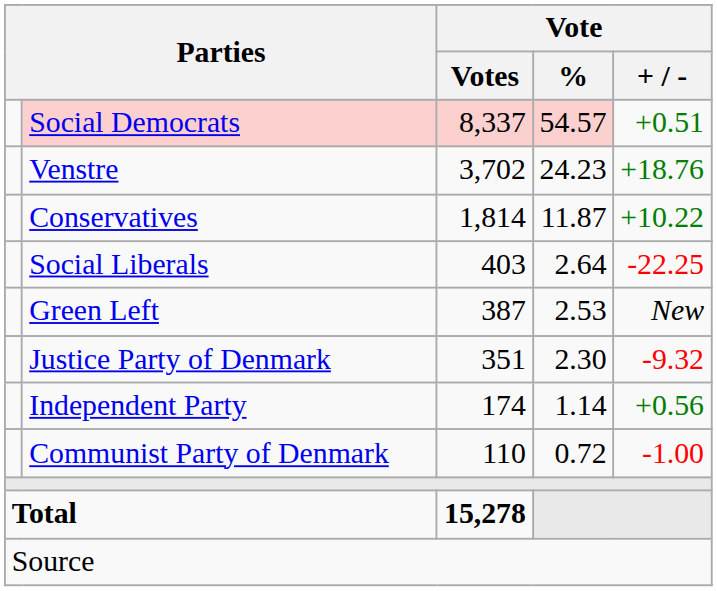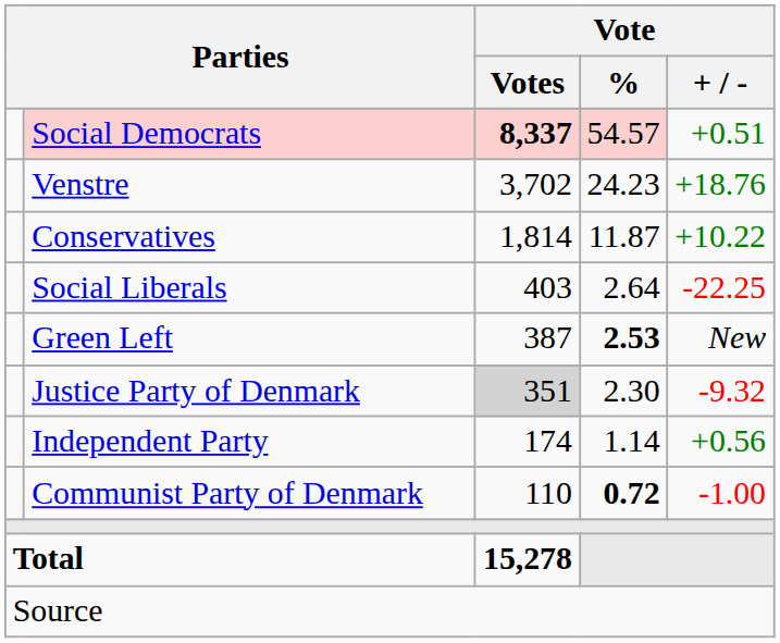 <table class="wikitable" style="text-align:right;">
 <tr>
 <th style="text-align:centre;" rowspan="2" colspan="2" width="225">Parties</th>
 <th colspan="3">Vote</th>
 </tr>
 <tr>
 <th width="15">Votes</th>
 <th width="15">%</th>
 <th width="15">+ / -</th>
 </tr>
 <tr>
 <td width="2" style="color:inherit;background:"></td>
 <td bgcolor=#fbd0ce  align="left"><a href='#'>Social Democrats</a></td>
-<td bgcolor=#fbd0ce>8,337</td>
+<td bgcolor=#fbd0ce><strong>8,337</strong></td>
 <td bgcolor=#fbd0ce>54.57</td>
 <td style=color:green;>+0.51</td>
 </tr>
 <tr>
 <td width="2" style="color:inherit;background:"></td>
 <td align="left"><a href='#'>Venstre</a></td>
 <td>3,702</td>
 <td>24.23</td>
 <td style=color:green;>+18.76</td>
 </tr>
 <tr>
 <td width="2" style="color:inherit;background:"></td>
 <td align="left"><a href='#'>Conservatives</a></td>
 <td>1,814</td>
 <td>11.87</td>
 <td style=color:green;>+10.22</td>
 </tr>
 <tr>
 <td width="2" style="color:inherit;background:"></td>
 <td align="left"><a href='#'>Social Liberals</a></td>
 <td>403</td>
 <td>2.64</td>
 <td style=color:red;>-22.25</td>
 </tr>
 <tr>
 <td width="2" style="color:inherit;background:"></td>
 <td align="left"><a href='#'>Green Left</a></td>
 <td>387</td>
-<td>2.53</td>
+<td><strong>2.53</strong></td>
 <td><em>New</em></td>
 </tr>
 <tr>
 <td width="2" style="color:inherit;background:"></td>
 <td align="left"><a href='#'>Justice Party of Denmark</a></td>
-<td>351</td>
+<td style="background: lightgrey;">351</td>
 <td>2.30</td>
 <td style=color:red;>-9.32</td>
 </tr>
 <tr>
 <td width="2" style="color:inherit;background:"></td>
 <td align="left"><a href='#'>Independent Party</a></td>
 <td>174</td>
 <td>1.14</td>
 <td style=color:green;>+0.56</td>
 </tr>
 <tr>
 <td width="2" style="color:inherit;background:"></td>
 <td align="left"><a href='#'>Communist Party of Denmark</a></td>
 <td>110</td>
-<td>0.72</td>
+<td><strong>0.72</strong></td>
 <td style=color:red;>-1.00</td>
 </tr>
 <tr>
 <td colspan="7" bgcolor="#E9E9E9"></td>
 </tr>
 <tr>
 <td align="left" colspan="2"><strong>Total</strong></td>
 <td><strong>15,278</strong></td>
 <td bgcolor="#E9E9E9" colspan="2"></td>
 </tr>
 <tr>
 <td align="left" colspan="6">Source</td>
 </tr>
 </table>
